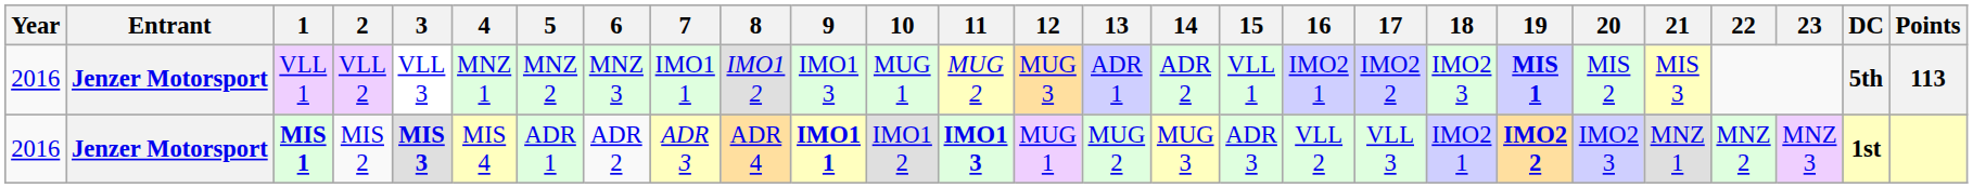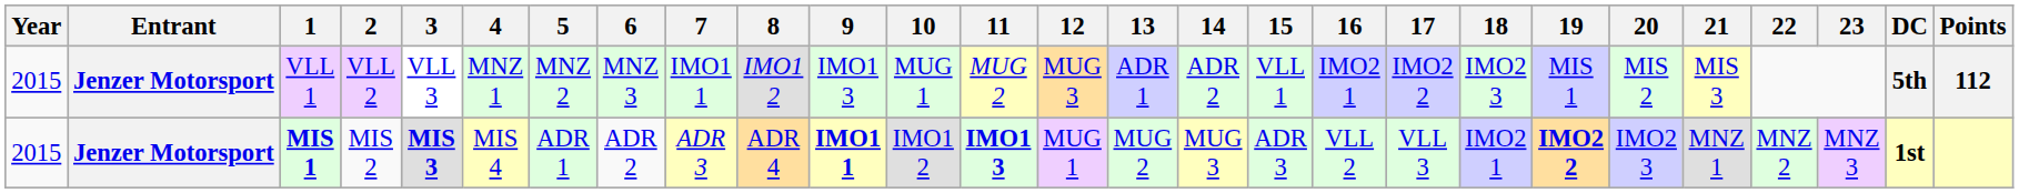 <table class="wikitable" style="text-align:center; font-size:85%">
 <tr>
 <th>Year</th>
 <th>Entrant</th>
 <th>1</th>
 <th>2</th>
 <th>3</th>
 <th>4</th>
 <th>5</th>
 <th>6</th>
 <th>7</th>
 <th>8</th>
 <th>9</th>
 <th>10</th>
 <th>11</th>
 <th>12</th>
 <th>13</th>
 <th>14</th>
 <th>15</th>
 <th>16</th>
 <th>17</th>
 <th>18</th>
 <th>19</th>
 <th>20</th>
 <th>21</th>
 <th>22</th>
 <th>23</th>
 <th>DC</th>
 <th>Points</th>
 </tr>
 <tr>
-<td><a href='#'>2016</a></td>
+<td><a href='#'>2015</a></td>
 <th nowrap><a href='#'>Jenzer Motorsport</a></th>
 <td style="background:#EFCFFF;"><a href='#'>VLL<br>1</a><br></td>
 <td style="background:#EFCFFF;"><a href='#'>VLL<br>2</a><br></td>
 <td style="background:#FFFFFF;"><a href='#'>VLL<br>3</a><br></td>
 <td style="background:#DFFFDF;"><a href='#'>MNZ<br>1</a><br></td>
 <td style="background:#DFFFDF;"><a href='#'>MNZ<br>2</a><br></td>
 <td style="background:#DFFFDF;"><a href='#'>MNZ<br>3</a><br></td>
 <td style="background:#DFFFDF;"><a href='#'>IMO1<br>1</a><br></td>
 <td style="background:#DFDFDF;"><em><a href='#'>IMO1<br>2</a></em><br></td>
 <td style="background:#DFFFDF;"><a href='#'>IMO1<br>3</a><br></td>
 <td style="background:#DFFFDF;"><a href='#'>MUG<br>1</a><br></td>
 <td style="background:#FFFFBF;"><em><a href='#'>MUG<br>2</a></em><br></td>
 <td style="background:#FFDF9F;"><a href='#'>MUG<br>3</a><br></td>
 <td style="background:#CFCFFF;"><a href='#'>ADR<br>1</a><br></td>
 <td style="background:#DFFFDF;"><a href='#'>ADR<br>2</a><br></td>
 <td style="background:#DFFFDF;"><a href='#'>VLL<br>1</a><br></td>
 <td style="background:#CFCFFF;"><a href='#'>IMO2<br>1</a><br></td>
 <td style="background:#CFCFFF;"><a href='#'>IMO2<br>2</a><br></td>
 <td style="background:#DFFFDF;"><a href='#'>IMO2<br>3</a><br></td>
-<td style="background:#CFCFFF;"><strong><a href='#'>MIS<br>1</a><br></strong></td>
+<td style="background:#CFCFFF;"><a href='#'>MIS<br>1</a><br></td>
 <td style="background:#DFFFDF;"><a href='#'>MIS<br>2</a><br></td>
 <td style="background:#FFFFBF;"><a href='#'>MIS<br>3</a><br></td>
 <td colspan=2></td>
 <th>5th</th>
-<th>113</th>
+<th>112</th>
 </tr>
 <tr>
-<td><a href='#'>2016</a></td>
+<td><a href='#'>2015</a></td>
 <th nowrap><a href='#'>Jenzer Motorsport</a></th>
 <td style="background:#DFFFDF;"><strong><a href='#'>MIS<br>1</a></strong><br></td>
 <td style="background:#;"><a href='#'>MIS<br>2</a></td>
 <td style="background:#DFDFDF;"><strong><a href='#'>MIS<br>3</a></strong><br></td>
 <td style="background:#FFFFBF;"><a href='#'>MIS<br>4</a><br></td>
 <td style="background:#DFFFDF;"><a href='#'>ADR<br>1</a><br></td>
 <td style="background:#;"><a href='#'>ADR<br>2</a></td>
 <td style="background:#FFFFBF;"><em><a href='#'>ADR<br>3</a></em><br></td>
 <td style="background:#FFDF9F;"><a href='#'>ADR<br>4</a><br></td>
 <td style="background:#FFFFBF;"><strong><a href='#'>IMO1<br>1</a></strong><br></td>
 <td style="background:#DFDFDF;"><a href='#'>IMO1<br>2</a><br></td>
 <td style="background:#DFFFDF;"><strong><a href='#'>IMO1<br>3</a><br></strong></td>
 <td style="background:#EFCFFF;"><a href='#'>MUG<br>1</a><br></td>
 <td style="background:#DFFFDF;"><a href='#'>MUG<br>2</a><br></td>
 <td style="background:#FFFFBF;"><a href='#'>MUG<br>3</a><br></td>
 <td style="background:#DFFFDF;"><a href='#'>ADR<br>3</a><br></td>
 <td style="background:#DFFFDF;"><a href='#'>VLL<br>2</a><br></td>
 <td style="background:#DFFFDF;"><a href='#'>VLL<br>3</a><br></td>
 <td style="background:#CFCFFF;"><a href='#'>IMO2<br>1</a><br></td>
 <td style="background:#FFDF9F;"><strong><a href='#'>IMO2<br>2</a></strong><br></td>
 <td style="background:#CFCFFF;"><a href='#'>IMO2<br>3</a><br></td>
 <td style="background:#DFDFDF;"><a href='#'>MNZ<br>1</a><br></td>
 <td style="background:#DFFFDF;"><a href='#'>MNZ<br>2</a><br></td>
 <td style="background:#EFCFFF;"><a href='#'>MNZ<br>3</a><br></td>
 <th style="background:#FFFFBF;">1st</th>
 <th style="background:#FFFFBF;"></th>
 </tr>
 </table>
